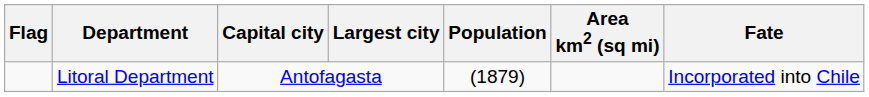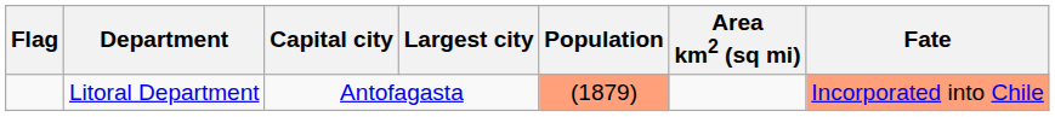 <table class="wikitable sortable" style="text-align: center;">
 <tr>
 <th class="unsortable">Flag</th>
 <th>Department</th>
 <th>Capital city</th>
 <th>Largest city</th>
 <th>Population</th>
 <th>Area<br>km<sup>2</sup> (sq mi)</th>
 <th>Fate</th>
 </tr>
 <tr>
 <td></td>
 <td><a href='#'>Litoral Department</a></td>
 <td colspan="2"><a href='#'>Antofagasta</a></td>
-<td> (1879)</td>
+<td style="background: lightsalmon;"> (1879)</td>
 <td></td>
-<td><a href='#'>Incorporated</a> into <a href='#'>Chile</a></td>
+<td style="background: lightsalmon;"><a href='#'>Incorporated</a> into <a href='#'>Chile</a></td>
 </tr>
 </table>
